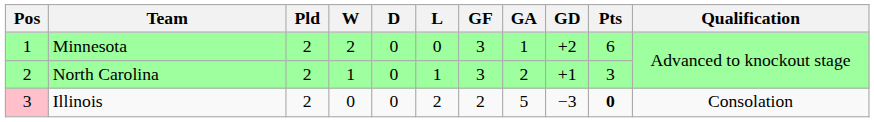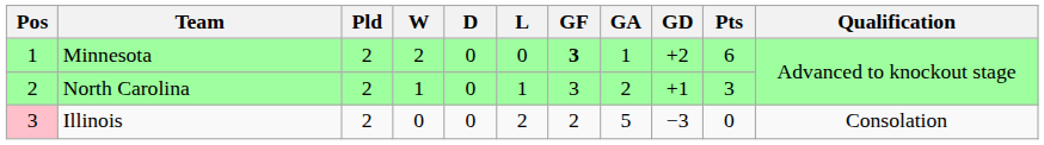 <table class="wikitable" style="text-align:center; margin: 1em auto">
 <tr>
 <th style="width:2em">Pos</th>
 <th style="width:13em">Team</th>
 <th style="width:2em">Pld</th>
 <th style="width:2em">W</th>
 <th style="width:2em">D</th>
 <th style="width:2em">L</th>
 <th style="width:2em">GF</th>
 <th style="width:2em">GA</th>
 <th style="width:2em">GD</th>
 <th style="width:2em">Pts</th>
 <th style="width:13em">Qualification</th>
 </tr>
 <tr bgcolor="#9eff9e">
 <td>1</td>
 <td style="text-align:left">Minnesota</td>
 <td>2</td>
 <td>2</td>
 <td>0</td>
 <td>0</td>
-<td>3</td>
+<td><strong>3</strong></td>
 <td>1</td>
 <td>+2</td>
 <td>6</td>
 <td rowspan="2">Advanced to knockout stage</td>
 </tr>
 <tr bgcolor="#9eff9e">
 <td>2</td>
 <td style="text-align:left">North Carolina</td>
 <td>2</td>
 <td>1</td>
 <td>0</td>
 <td>1</td>
 <td>3</td>
 <td>2</td>
 <td>+1</td>
 <td>3</td>
 </tr>
 <tr>
 <td style="background: pink;">3</td>
 <td style="text-align:left">Illinois</td>
 <td>2</td>
 <td>0</td>
 <td>0</td>
 <td>2</td>
 <td>2</td>
 <td>5</td>
 <td>−3</td>
-<td><strong>0</strong></td>
+<td>0</td>
 <td>Consolation</td>
 </tr>
 </table>
